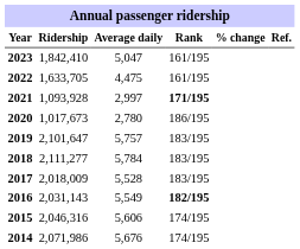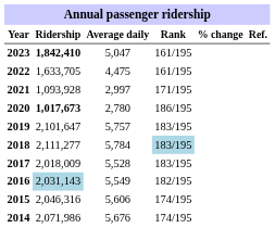 <table class="toccolours" cellpadding="4" cellspacing="0" style="text-align:right;">
 <tr>
 <th colspan="6"  style="background-color:#ccf; background-color:#ccf; font-size:110%; text-align:center;">Annual passenger ridership</th>
 </tr>
 <tr style="font-size:95%; text-align:center">
 <th style="border-bottom:1px solid black">Year</th>
 <th style="border-bottom:1px solid black">Ridership</th>
 <th style="border-bottom:1px solid black">Average daily</th>
 <th style="border-bottom:1px solid black">Rank</th>
 <th style="border-bottom:1px solid black">% change</th>
 <th style="border-bottom:1px solid black">Ref.</th>
 </tr>
 <tr style="text-align:center;">
 <td><strong>2023</strong></td>
-<td>1,842,410</td>
+<td><strong>1,842,410</strong></td>
 <td>5,047</td>
 <td>161/195</td>
 <td></td>
 <td></td>
 </tr>
 <tr style="text-align:center;">
 <td><strong>2022</strong></td>
 <td>1,633,705</td>
 <td>4,475</td>
 <td>161/195</td>
 <td></td>
 <td></td>
 </tr>
 <tr style="text-align:center;">
 <td><strong>2021</strong></td>
 <td>1,093,928</td>
 <td>2,997</td>
-<td><strong>171/195</strong></td>
+<td>171/195</td>
 <td></td>
 <td></td>
 </tr>
 <tr style="text-align:center;">
 <td><strong>2020</strong></td>
-<td>1,017,673</td>
+<td><strong>1,017,673</strong></td>
 <td>2,780</td>
 <td>186/195</td>
 <td></td>
 <td></td>
 </tr>
 <tr style="text-align:center;">
 <td><strong>2019</strong></td>
 <td>2,101,647</td>
 <td>5,757</td>
 <td>183/195</td>
 <td></td>
 <td></td>
 </tr>
 <tr style="text-align:center;">
 <td><strong>2018</strong></td>
 <td>2,111,277</td>
 <td>5,784</td>
-<td>183/195</td>
+<td style="background: lightblue;">183/195</td>
 <td></td>
 <td></td>
 </tr>
 <tr style="text-align:center;">
 <td><strong>2017</strong></td>
 <td>2,018,009</td>
 <td>5,528</td>
 <td>183/195</td>
 <td></td>
 <td></td>
 </tr>
 <tr style="text-align:center;">
 <td><strong>2016</strong></td>
-<td>2,031,143</td>
+<td style="background: lightblue;">2,031,143</td>
 <td>5,549</td>
-<td><strong>182/195</strong></td>
+<td>182/195</td>
 <td></td>
 <td></td>
 </tr>
 <tr style="text-align:center;">
 <td><strong>2015</strong></td>
 <td>2,046,316</td>
 <td>5,606</td>
 <td>174/195</td>
 <td></td>
 <td></td>
 </tr>
 <tr style="text-align:center;">
 <td><strong>2014</strong></td>
 <td>2,071,986</td>
 <td>5,676</td>
 <td>174/195</td>
 <td></td>
 <td></td>
 </tr>
 </table>
